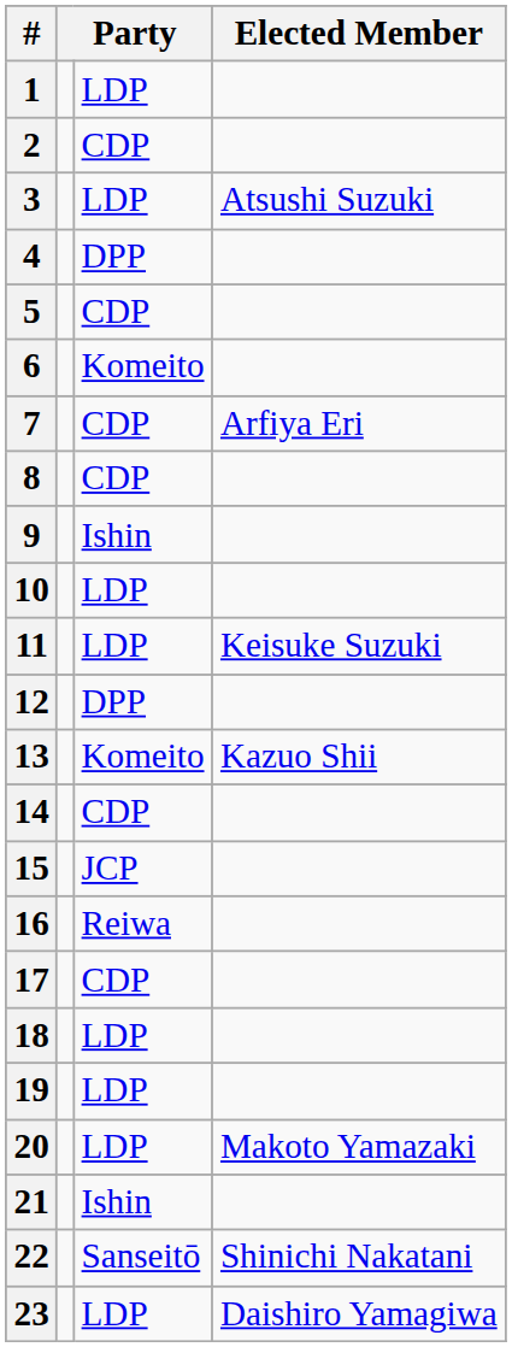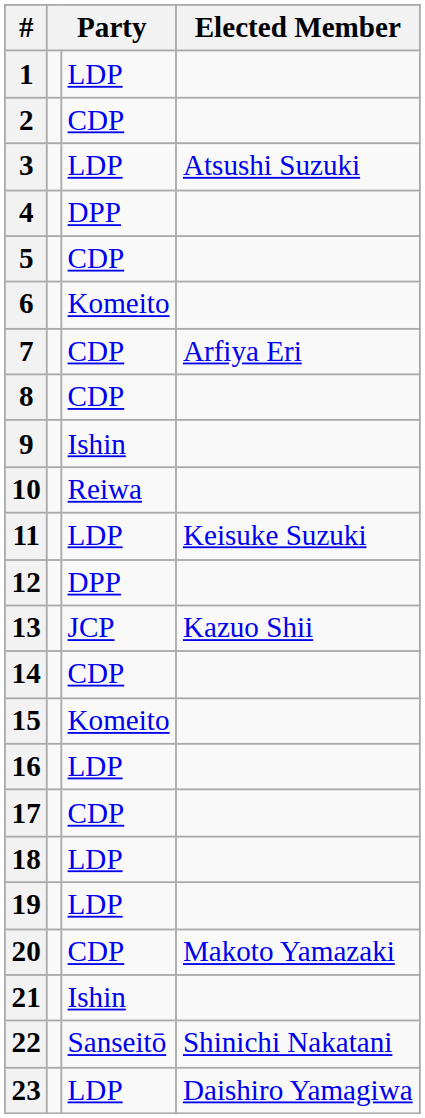 <table class="wikitable">
 <tr>
 <th>#</th>
 <th colspan=2>Party</th>
 <th>Elected Member</th>
 </tr>
 <tr>
 <th>1</th>
 <td style="background:"></td>
 <td><a href='#'>LDP</a></td>
 <td></td>
 </tr>
 <tr>
 <th>2</th>
 <td style="background:"></td>
 <td><a href='#'>CDP</a></td>
 <td></td>
 </tr>
 <tr>
 <th>3</th>
 <td style="background:"></td>
 <td><a href='#'>LDP</a></td>
 <td><a href='#'>Atsushi Suzuki</a></td>
 </tr>
 <tr>
 <th>4</th>
 <td style="background:"></td>
 <td><a href='#'>DPP</a></td>
 <td></td>
 </tr>
 <tr>
 <th>5</th>
 <td style="background:"></td>
 <td><a href='#'>CDP</a></td>
 <td></td>
 </tr>
 <tr>
 <th>6</th>
 <td style="background:"></td>
 <td><a href='#'>Komeito</a></td>
 <td></td>
 </tr>
 <tr>
 <th>7</th>
 <td style="background:"></td>
 <td><a href='#'>CDP</a></td>
 <td><a href='#'>Arfiya Eri</a></td>
 </tr>
 <tr>
 <th>8</th>
 <td style="background:"></td>
 <td><a href='#'>CDP</a></td>
 <td></td>
 </tr>
 <tr>
 <th>9</th>
 <td style="background:"></td>
 <td><a href='#'>Ishin</a></td>
 <td></td>
 </tr>
 <tr>
 <th>10</th>
 <td style="background:"></td>
-<td><a href='#'>LDP</a></td>
+<td><a href='#'>Reiwa</a></td>
 <td></td>
 </tr>
 <tr>
 <th>11</th>
 <td style="background:"></td>
 <td><a href='#'>LDP</a></td>
 <td><a href='#'>Keisuke Suzuki</a></td>
 </tr>
 <tr>
 <th>12</th>
 <td style="background:"></td>
 <td><a href='#'>DPP</a></td>
 <td></td>
 </tr>
 <tr>
 <th>13</th>
 <td style="background:"></td>
-<td><a href='#'>Komeito</a></td>
+<td><a href='#'>JCP</a></td>
 <td><a href='#'>Kazuo Shii</a></td>
 </tr>
 <tr>
 <th>14</th>
 <td style="background:"></td>
 <td><a href='#'>CDP</a></td>
 <td></td>
 </tr>
 <tr>
 <th>15</th>
 <td style="background:"></td>
-<td><a href='#'>JCP</a></td>
+<td><a href='#'>Komeito</a></td>
 <td></td>
 </tr>
 <tr>
 <th>16</th>
 <td style="background:"></td>
-<td><a href='#'>Reiwa</a></td>
+<td><a href='#'>LDP</a></td>
 <td></td>
 </tr>
 <tr>
 <th>17</th>
 <td style="background:"></td>
 <td><a href='#'>CDP</a></td>
 <td></td>
 </tr>
 <tr>
 <th>18</th>
 <td style="background:"></td>
 <td><a href='#'>LDP</a></td>
 <td></td>
 </tr>
 <tr>
 <th>19</th>
 <td style="background:"></td>
 <td><a href='#'>LDP</a></td>
 <td></td>
 </tr>
 <tr>
 <th>20</th>
 <td style="background:"></td>
-<td><a href='#'>LDP</a></td>
+<td><a href='#'>CDP</a></td>
 <td><a href='#'>Makoto Yamazaki</a></td>
 </tr>
 <tr>
 <th>21</th>
 <td style="background:"></td>
 <td><a href='#'>Ishin</a></td>
 <td></td>
 </tr>
 <tr>
 <th>22</th>
 <td style="background:"></td>
 <td><a href='#'>Sanseitō</a></td>
 <td><a href='#'>Shinichi Nakatani</a></td>
 </tr>
 <tr>
 <th>23</th>
 <td style="background:"></td>
 <td><a href='#'>LDP</a></td>
 <td><a href='#'>Daishiro Yamagiwa</a></td>
 </tr>
 </table>
